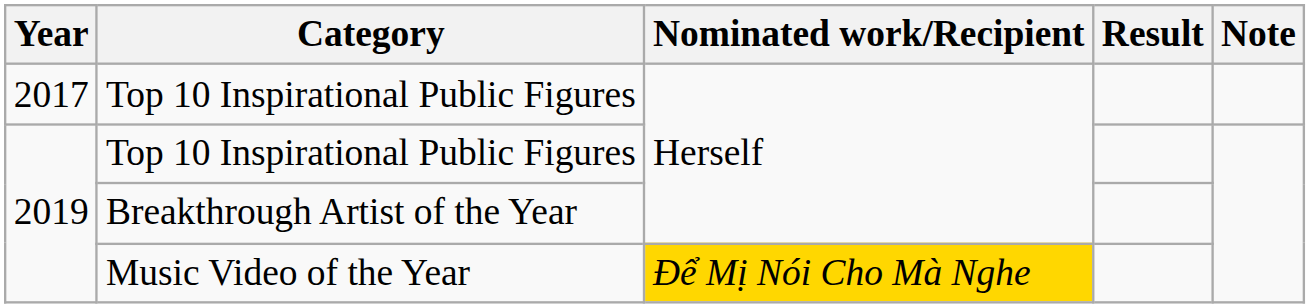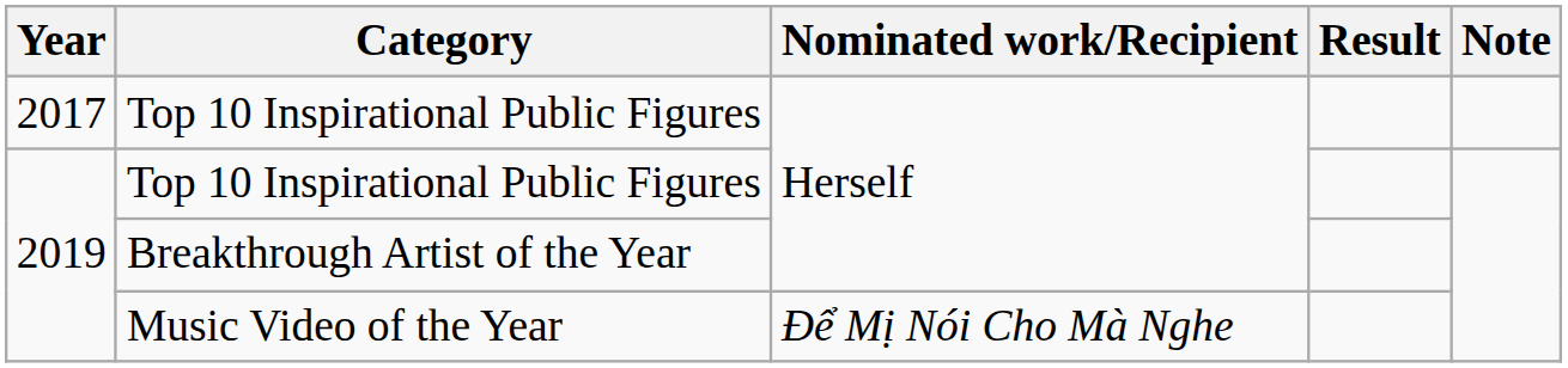 <table class="wikitable">
 <tr>
 <th>Year</th>
 <th>Category</th>
 <th>Nominated work/Recipient</th>
 <th>Result</th>
 <th>Note</th>
 </tr>
 <tr>
 <td>2017</td>
 <td>Top 10 Inspirational Public Figures</td>
 <td rowspan="3">Herself</td>
 <td></td>
 <td></td>
 </tr>
 <tr>
 <td rowspan="3">2019</td>
 <td>Top 10 Inspirational Public Figures</td>
 <td></td>
 <td rowspan="3"><br></td>
 </tr>
 <tr>
 <td>Breakthrough Artist of the Year</td>
 <td></td>
 </tr>
 <tr>
 <td>Music Video of the Year</td>
-<td style="background: gold;"><em>Để Mị Nói Cho Mà Nghe</em></td>
+<td><em>Để Mị Nói Cho Mà Nghe</em></td>
 <td></td>
 </tr>
 </table>
